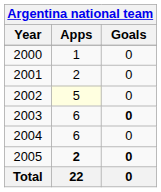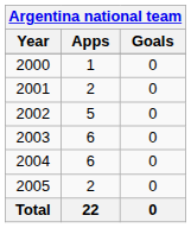 <table class="wikitable" style="text-align:center">
 <tr>
 <th colspan=3><a href='#'>Argentina national team</a></th>
 </tr>
 <tr>
 <th>Year</th>
 <th>Apps</th>
 <th>Goals</th>
 </tr>
 <tr>
 </tr>
 <tr>
 <td>2000</td>
 <td>1</td>
 <td>0</td>
 </tr>
 <tr>
 <td>2001</td>
 <td>2</td>
 <td>0</td>
 </tr>
 <tr>
 <td>2002</td>
-<td style="background: lightyellow;">5</td>
+<td>5</td>
 <td>0</td>
 </tr>
 <tr>
 <td>2003</td>
 <td>6</td>
-<td><strong>0</strong></td>
+<td>0</td>
 </tr>
 <tr>
 <td>2004</td>
 <td>6</td>
 <td>0</td>
 </tr>
 <tr>
 <td>2005</td>
-<td><strong>2</strong></td>
-<td><strong>0</strong></td>
+<td>2</td>
+<td>0</td>
 </tr>
 <tr>
 <th>Total</th>
 <th>22</th>
 <th>0</th>
 </tr>
 </table>
